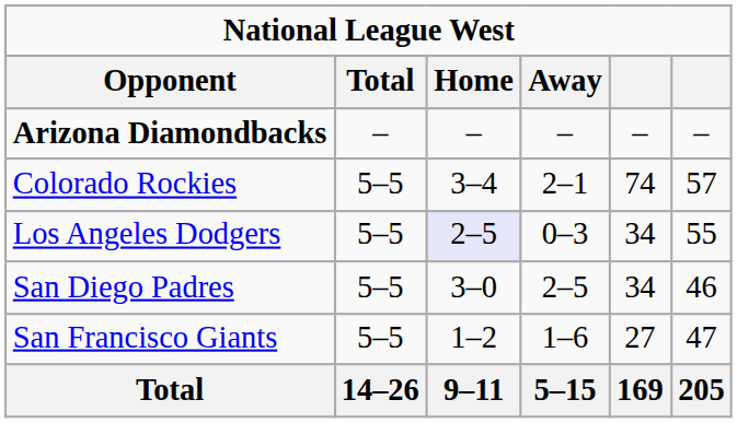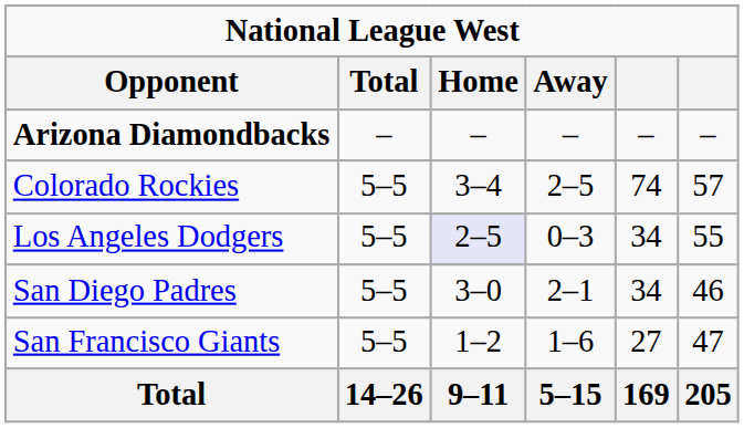 <table class="wikitable" style="font-size:85%; text-align:center;">
 <tr>
 <td colspan="7" style="text-align:center; "><span><strong>National League West</strong></span></td>
 </tr>
 <tr>
 <th>Opponent</th>
 <th>Total</th>
 <th>Home</th>
 <th>Away</th>
 <th></th>
 <th></th>
 </tr>
 <tr>
 <td style="text-align:left;"><strong>Arizona Diamondbacks</strong></td>
 <td>–</td>
 <td>–</td>
 <td>–</td>
 <td>–</td>
 <td>–</td>
 </tr>
 <tr>
 <td style="text-align:left;"><a href='#'>Colorado Rockies</a></td>
 <td>5–5</td>
 <td>3–4</td>
-<td>2–1</td>
+<td>2–5</td>
 <td>74</td>
 <td>57</td>
 </tr>
 <tr>
 <td style="text-align:left;"><a href='#'>Los Angeles Dodgers</a></td>
 <td>5–5</td>
 <td style="background: lavender;">2–5</td>
 <td>0–3</td>
 <td>34</td>
 <td>55</td>
 </tr>
 <tr>
 <td style="text-align:left;"><a href='#'>San Diego Padres</a></td>
 <td>5–5</td>
 <td>3–0</td>
-<td>2–5</td>
+<td>2–1</td>
 <td>34</td>
 <td>46</td>
 </tr>
 <tr>
 <td style="text-align:left;"><a href='#'>San Francisco Giants</a></td>
 <td>5–5</td>
 <td>1–2</td>
 <td>1–6</td>
 <td>27</td>
 <td>47</td>
 </tr>
 <tr>
 <th>Total</th>
 <th>14–26</th>
 <th>9–11</th>
 <th>5–15</th>
 <th>169</th>
 <th>205</th>
 </tr>
 </table>
